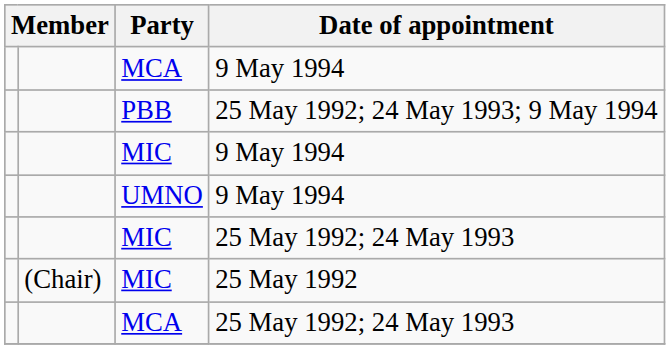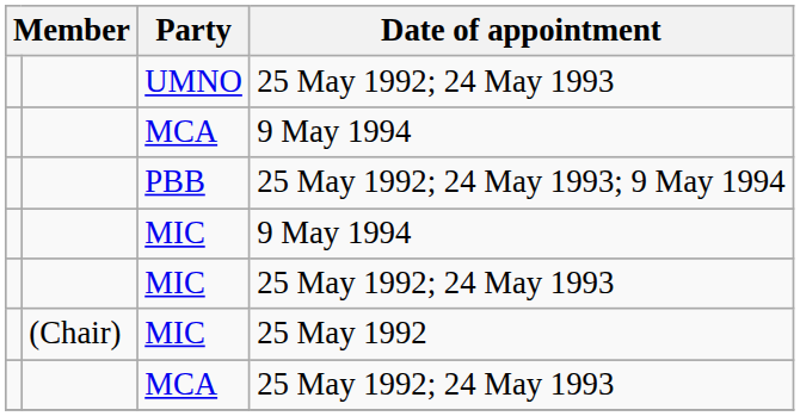 <table class="sortable wikitable">
 <tr>
 <th colspan="2" valign="top">Member</th>
 <th valign="top">Party</th>
 <th valign="top">Date of appointment</th>
+</tr>
+<tr>
+<td></td>
+<td></td>
+<td><a href='#'>UMNO</a></td>
+<td>25 May 1992; 24 May 1993</td>
 </tr>
 <tr>
 <td></td>
 <td></td>
 <td><a href='#'>MCA</a></td>
 <td>9 May 1994</td>
 </tr>
 <tr>
 <td></td>
 <td></td>
 <td><a href='#'>PBB</a></td>
 <td>25 May 1992; 24 May 1993; 9 May 1994</td>
 </tr>
 <tr>
 <td></td>
 <td></td>
 <td><a href='#'>MIC</a></td>
-<td>9 May 1994</td>
-</tr>
-<tr>
-<td></td>
-<td></td>
-<td><a href='#'>UMNO</a></td>
 <td>9 May 1994</td>
 </tr>
 <tr>
 <td></td>
 <td></td>
 <td><a href='#'>MIC</a></td>
 <td>25 May 1992; 24 May 1993</td>
 </tr>
 <tr>
 <td></td>
 <td> (Chair)</td>
 <td><a href='#'>MIC</a></td>
 <td>25 May 1992</td>
 </tr>
 <tr>
 <td></td>
 <td></td>
 <td><a href='#'>MCA</a></td>
 <td>25 May 1992; 24 May 1993</td>
 </tr>
 <tr>
 </tr>
 </table>
